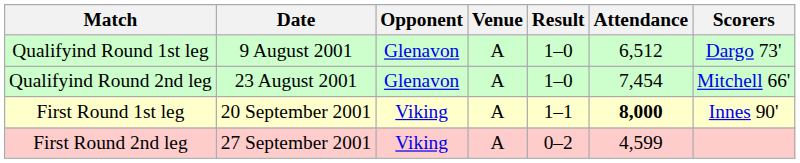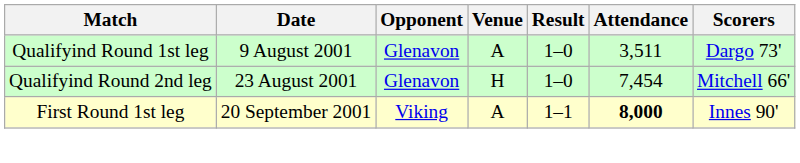 <table class="wikitable" style="font-size:100%; text-align:center">
 <tr>
 <th>Match</th>
 <th>Date</th>
 <th>Opponent</th>
 <th>Venue</th>
 <th>Result</th>
 <th>Attendance</th>
 <th>Scorers</th>
 </tr>
 <tr style="background: #CCFFCC;">
 <td>Qualifyind Round 1st leg</td>
 <td>9 August 2001</td>
 <td> <a href='#'>Glenavon</a></td>
 <td>A</td>
 <td>1–0</td>
-<td>6,512</td>
+<td>3,511</td>
 <td><a href='#'>Dargo</a> 73'</td>
 </tr>
 <tr style="background: #CCFFCC;">
 <td>Qualifyind Round 2nd leg</td>
 <td>23 August 2001</td>
 <td> <a href='#'>Glenavon</a></td>
-<td>A</td>
+<td>H</td>
 <td>1–0</td>
 <td>7,454</td>
 <td><a href='#'>Mitchell</a> 66'</td>
 </tr>
 <tr style="background: #FFFFCC;">
 <td>First Round 1st leg</td>
 <td>20 September 2001</td>
 <td> <a href='#'>Viking</a></td>
 <td>A</td>
 <td>1–1</td>
 <td><strong>8,000</strong></td>
 <td><a href='#'>Innes</a> 90'</td>
 </tr>
-<tr style="background: #FFCCCC;">
-<td>First Round 2nd leg</td>
-<td>27 September 2001</td>
-<td> <a href='#'>Viking</a></td>
-<td>A</td>
-<td>0–2</td>
-<td>4,599</td>
-<td></td>
-</tr>
 </table>
